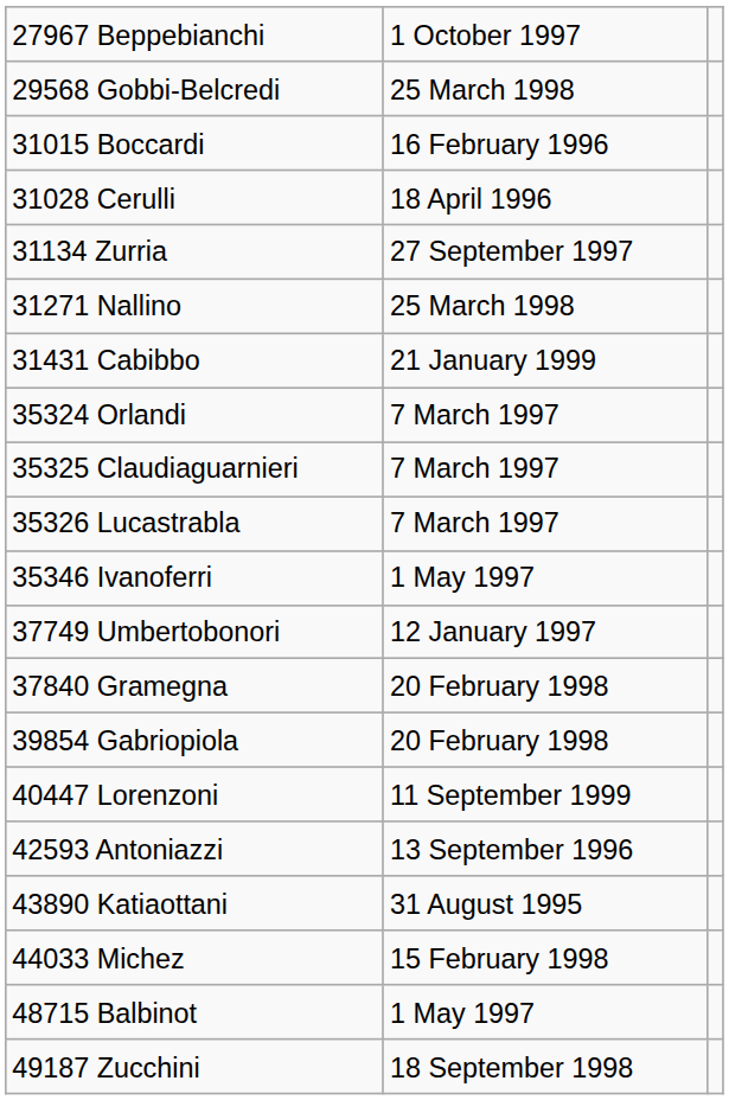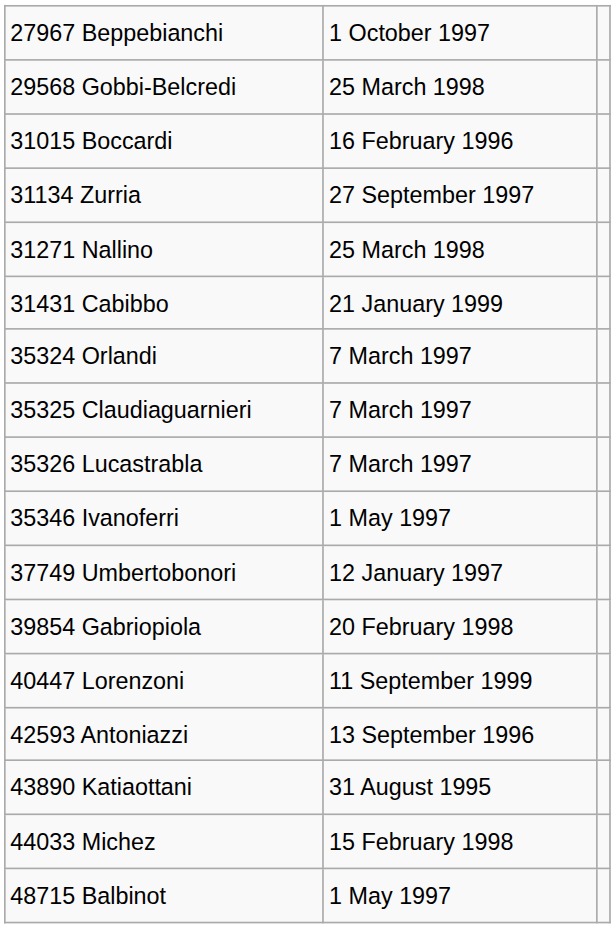 <table class="wikitable" style="font-size: 89%; float: left; width: 26em; margin-right: 1em; height: 560px;">
 <tr>
 <td>27967 Beppebianchi</td>
 <td>1 October 1997</td>
 <td></td>
 </tr>
 <tr>
 <td>29568 Gobbi-Belcredi</td>
 <td>25 March 1998</td>
 <td></td>
 </tr>
 <tr>
 <td>31015 Boccardi</td>
 <td>16 February 1996</td>
-<td></td>
-</tr>
-<tr>
-<td>31028 Cerulli</td>
-<td>18 April 1996</td>
 <td></td>
 </tr>
 <tr>
 <td>31134 Zurria</td>
 <td>27 September 1997</td>
 <td></td>
 </tr>
 <tr>
 <td>31271 Nallino</td>
 <td>25 March 1998</td>
 <td></td>
 </tr>
 <tr>
 <td>31431 Cabibbo</td>
 <td>21 January 1999</td>
 <td></td>
 </tr>
 <tr>
 <td>35324 Orlandi</td>
 <td>7 March 1997</td>
 <td></td>
 </tr>
 <tr>
 <td>35325 Claudiaguarnieri</td>
 <td>7 March 1997</td>
 <td></td>
 </tr>
 <tr>
 <td>35326 Lucastrabla</td>
 <td>7 March 1997</td>
 <td></td>
 </tr>
 <tr>
 <td>35346 Ivanoferri</td>
 <td>1 May 1997</td>
 <td></td>
 </tr>
 <tr>
 <td>37749 Umbertobonori</td>
 <td>12 January 1997</td>
 <td></td>
 </tr>
 <tr>
-<td>37840 Gramegna</td>
-<td>20 February 1998</td>
-<td></td>
-</tr>
-<tr>
 <td>39854 Gabriopiola</td>
 <td>20 February 1998</td>
 <td></td>
 </tr>
 <tr>
 <td>40447 Lorenzoni</td>
 <td>11 September 1999</td>
 <td></td>
 </tr>
 <tr>
 <td>42593 Antoniazzi</td>
 <td>13 September 1996</td>
 <td></td>
 </tr>
 <tr>
 <td>43890 Katiaottani</td>
 <td>31 August 1995</td>
 <td></td>
 </tr>
 <tr>
 <td>44033 Michez</td>
 <td>15 February 1998</td>
 <td></td>
 </tr>
 <tr>
 <td>48715 Balbinot</td>
 <td>1 May 1997</td>
 <td></td>
 </tr>
-<tr>
-<td>49187 Zucchini</td>
-<td>18 September 1998</td>
-<td></td>
-</tr>
 </table>
